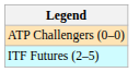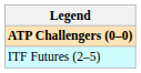 <table class=wikitable style=font-size:97%>
 <tr>
 <th>Legend</th>
 </tr>
 <tr bgcolor=moccasin>
-<td>ATP Challengers (0–0)</td>
+<td><strong>ATP Challengers (0–0)</strong></td>
 </tr>
 <tr bgcolor=cffcff>
 <td>ITF Futures (2–5)</td>
 </tr>
 </table>
